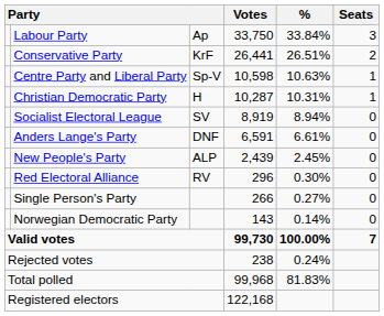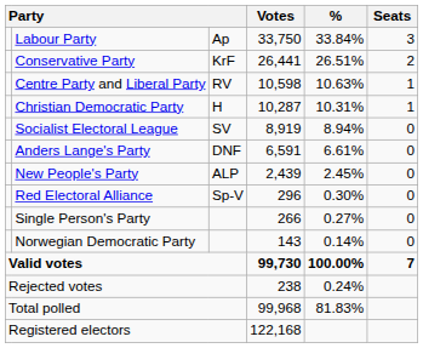 <table class="wikitable" border="1" style="text-align:right;">
 <tr>
 <th style="text-align:left;" colspan=3>Party</th>
 <th align=center width="50">Votes</th>
 <th align=center width="50">%</th>
 <th align=center width="50">Seats</th>
 </tr>
 <tr>
 <td style="color:inherit;background:"></td>
 <td align=left><a href='#'>Labour Party</a></td>
 <td align=left>Ap</td>
 <td>33,750</td>
 <td>33.84%</td>
 <td>3</td>
 </tr>
 <tr>
 <td style="color:inherit;background:"></td>
 <td align=left><a href='#'>Conservative Party</a></td>
 <td align=left>KrF</td>
 <td>26,441</td>
 <td>26.51%</td>
 <td>2</td>
 </tr>
 <tr>
 <td></td>
 <td align=left><a href='#'>Centre Party</a> and <a href='#'>Liberal Party</a></td>
-<td align=left>Sp-V</td>
+<td align=left>RV</td>
 <td>10,598</td>
 <td>10.63%</td>
 <td>1</td>
 </tr>
 <tr>
 <td style="color:inherit;background:"></td>
 <td align=left><a href='#'>Christian Democratic Party</a></td>
 <td align=left>H</td>
 <td>10,287</td>
 <td>10.31%</td>
 <td>1</td>
 </tr>
 <tr>
 <td style="color:inherit;background:"></td>
 <td align=left><a href='#'>Socialist Electoral League</a></td>
 <td align=left>SV</td>
 <td>8,919</td>
 <td>8.94%</td>
 <td>0</td>
 </tr>
 <tr>
 <td style="color:inherit;background:"></td>
 <td align=left><a href='#'>Anders Lange's Party</a></td>
 <td align=left>DNF</td>
 <td>6,591</td>
 <td>6.61%</td>
 <td>0</td>
 </tr>
 <tr>
 <td style="color:inherit;background:"></td>
 <td align=left><a href='#'>New People's Party</a></td>
 <td align=left>ALP</td>
 <td>2,439</td>
 <td>2.45%</td>
 <td>0</td>
 </tr>
 <tr>
 <td style="color:inherit;background:"></td>
 <td align=left><a href='#'>Red Electoral Alliance</a></td>
-<td align=left>RV</td>
+<td align=left>Sp-V</td>
 <td>296</td>
 <td>0.30%</td>
 <td>0</td>
 </tr>
 <tr>
 <td></td>
 <td align=left>Single Person's Party</td>
 <td align=left></td>
 <td>266</td>
 <td>0.27%</td>
 <td>0</td>
 </tr>
 <tr>
 <td></td>
 <td align=left>Norwegian Democratic Party</td>
 <td align=left></td>
 <td>143</td>
 <td>0.14%</td>
 <td>0</td>
 </tr>
 <tr style="font-weight:bold">
 <td align=left colspan=3>Valid votes</td>
 <td>99,730</td>
 <td>100.00%</td>
 <td>7</td>
 </tr>
 <tr>
 <td align=left colspan=3>Rejected votes</td>
 <td>238</td>
 <td>0.24%</td>
 <td></td>
 </tr>
 <tr>
 <td align=left colspan=3>Total polled</td>
 <td>99,968</td>
 <td>81.83%</td>
 <td></td>
 </tr>
 <tr>
 <td align=left colspan=3>Registered electors</td>
 <td>122,168</td>
 <td></td>
 <td></td>
 </tr>
 </table>
